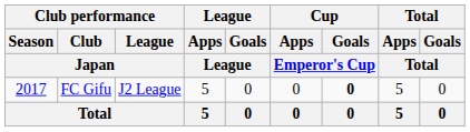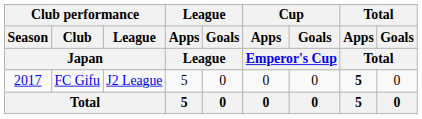 <table class="wikitable" style="text-align:center;">
 <tr>
 <th colspan=3>Club performance</th>
 <th colspan=2>League</th>
 <th colspan=2>Cup</th>
 <th colspan=2>Total</th>
 </tr>
 <tr>
 <th>Season</th>
 <th>Club</th>
 <th>League</th>
 <th>Apps</th>
 <th>Goals</th>
 <th>Apps</th>
 <th>Goals</th>
 <th>Apps</th>
 <th>Goals</th>
 </tr>
 <tr>
 <th colspan=3>Japan</th>
 <th colspan=2>League</th>
 <th colspan=2><a href='#'>Emperor's Cup</a></th>
 <th colspan=2>Total</th>
 </tr>
 <tr>
 <td><a href='#'>2017</a></td>
 <td rowspan="1"><a href='#'>FC Gifu</a></td>
 <td rowspan="1"><a href='#'>J2 League</a></td>
 <td>5</td>
 <td>0</td>
 <td>0</td>
-<td><strong>0</strong></td>
-<td>5</td>
+<td>0</td>
+<td><strong>5</strong></td>
 <td>0</td>
 </tr>
 <tr>
 <th colspan=3>Total</th>
 <th>5</th>
 <th>0</th>
 <th>0</th>
 <th>0</th>
 <th>5</th>
 <th>0</th>
 </tr>
 </table>
